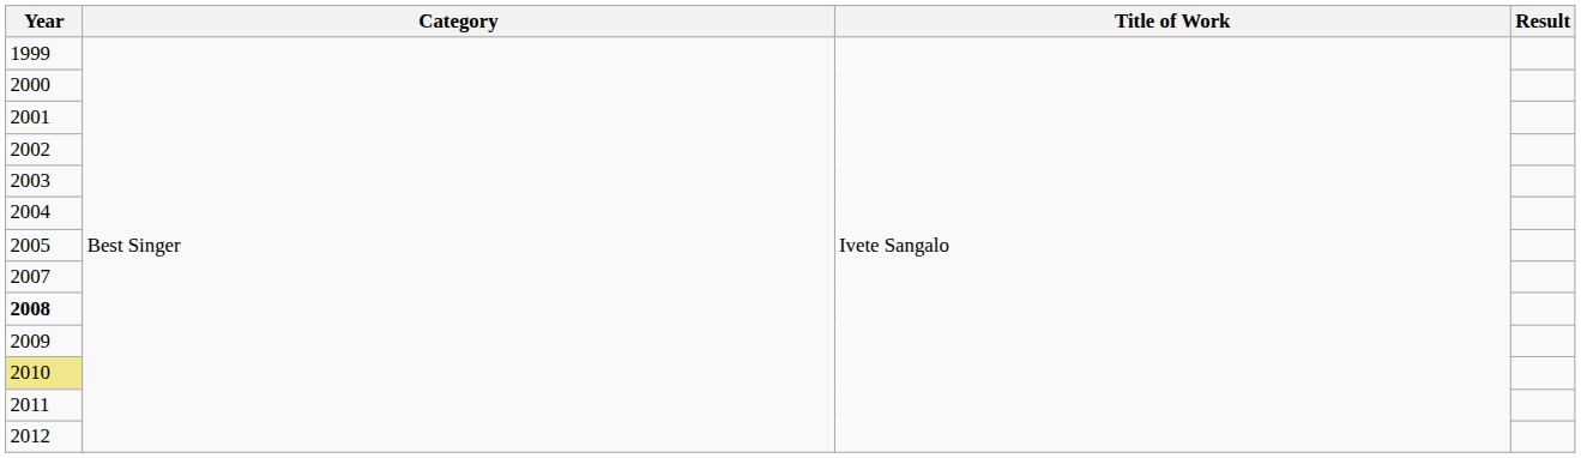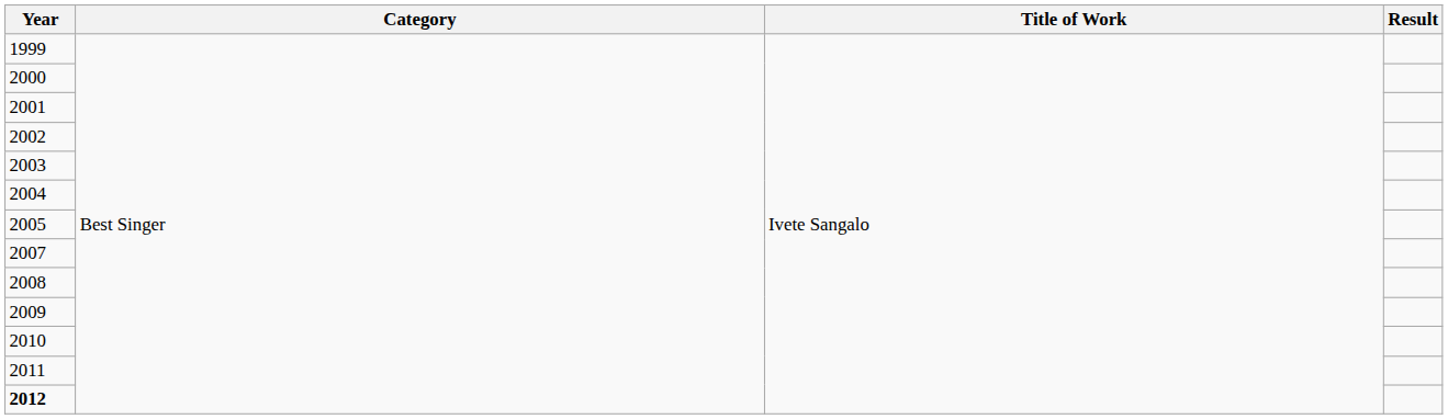 <table class="wikitable" style="table-layout: fixed;">
 <tr>
 <th width="5%">Year</th>
 <th width="50%">Category</th>
 <th width="50%">Title of Work</th>
 <th width="10%">Result</th>
 </tr>
 <tr>
 <td rowspan=1>1999</td>
 <td rowspan=13>Best Singer</td>
 <td rowspan=13>Ivete Sangalo</td>
 <td></td>
 </tr>
 <tr>
 <td rowspan=1>2000</td>
 <td></td>
 </tr>
 <tr>
 <td rowspan=1>2001</td>
 <td></td>
 </tr>
 <tr>
 <td rowspan=1>2002</td>
 <td></td>
 </tr>
 <tr>
 <td rowspan=1>2003</td>
 <td></td>
 </tr>
 <tr>
 <td rowspan=1>2004</td>
 <td></td>
 </tr>
 <tr>
 <td rowspan=1>2005</td>
 <td></td>
 </tr>
 <tr>
 <td rowspan=1>2007</td>
 <td></td>
 </tr>
 <tr>
-<td rowspan=1><strong>2008</strong></td>
+<td rowspan=1>2008</td>
 <td></td>
 </tr>
 <tr>
 <td rowspan=1>2009</td>
 <td></td>
 </tr>
 <tr>
-<td rowspan=1 style="background: khaki;">2010</td>
+<td rowspan=1>2010</td>
 <td></td>
 </tr>
 <tr>
 <td rowspan=1>2011</td>
 <td></td>
 </tr>
 <tr>
-<td rowspan=1>2012</td>
+<td rowspan=1><strong>2012</strong></td>
 <td></td>
 </tr>
 </table>
